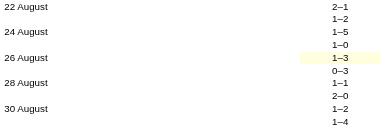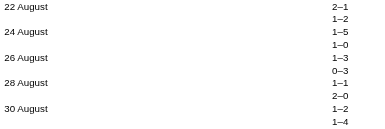 <table cellspacing=1 width=70%>
 <tr>
 <th width=25%></th>
 <th width=30%></th>
 <th width=15%></th>
 <th width=30%></th>
 </tr>
 <tr>
 <td>22 August</td>
 <td align=right></td>
 <td align=center>2–1</td>
 <td></td>
 </tr>
 <tr>
 <td></td>
 <td align=right></td>
 <td align=center>1–2</td>
 <td></td>
 </tr>
 <tr>
 <td>24 August</td>
 <td align=right></td>
 <td align=center>1–5</td>
 <td></td>
 </tr>
 <tr>
 <td></td>
 <td align=right></td>
 <td align=center>1–0</td>
 <td></td>
 </tr>
 <tr>
 <td>26 August</td>
 <td align=right></td>
-<td align=center style="background: lightyellow;">1–3</td>
+<td align=center>1–3</td>
 <td></td>
 </tr>
 <tr>
 <td></td>
 <td align=right></td>
 <td align=center>0–3</td>
 <td></td>
 </tr>
 <tr>
 <td>28 August</td>
 <td align=right></td>
 <td align=center>1–1</td>
 <td></td>
 </tr>
 <tr>
 <td></td>
 <td align=right></td>
 <td align=center>2–0</td>
 <td></td>
 </tr>
 <tr>
 <td>30 August</td>
 <td align=right></td>
 <td align=center>1–2</td>
 <td></td>
 </tr>
 <tr>
 <td></td>
 <td align=right></td>
 <td align=center>1–4</td>
 <td></td>
 </tr>
 </table>
